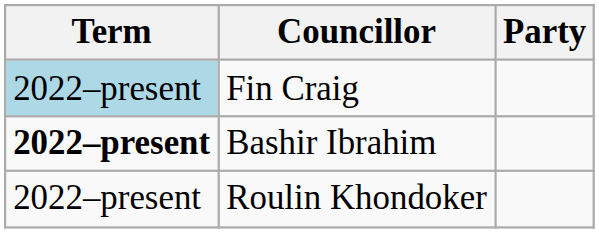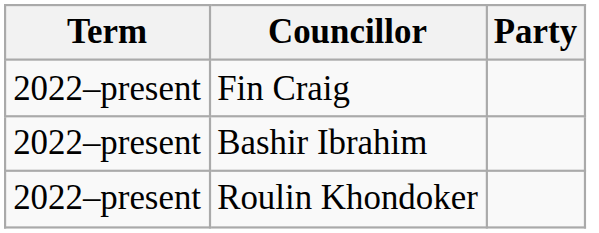 <table class="wikitable">
 <tr>
 <th>Term</th>
 <th>Councillor</th>
 <th colspan=2>Party</th>
 </tr>
 <tr>
-<td style="background: lightblue;">2022–present</td>
+<td>2022–present</td>
 <td>Fin Craig</td>
 <td></td>
 </tr>
 <tr>
-<td><strong>2022–present</strong></td>
+<td>2022–present</td>
 <td>Bashir Ibrahim</td>
 <td></td>
 </tr>
 <tr>
 <td>2022–present</td>
 <td>Roulin Khondoker</td>
 <td></td>
 </tr>
 </table>
